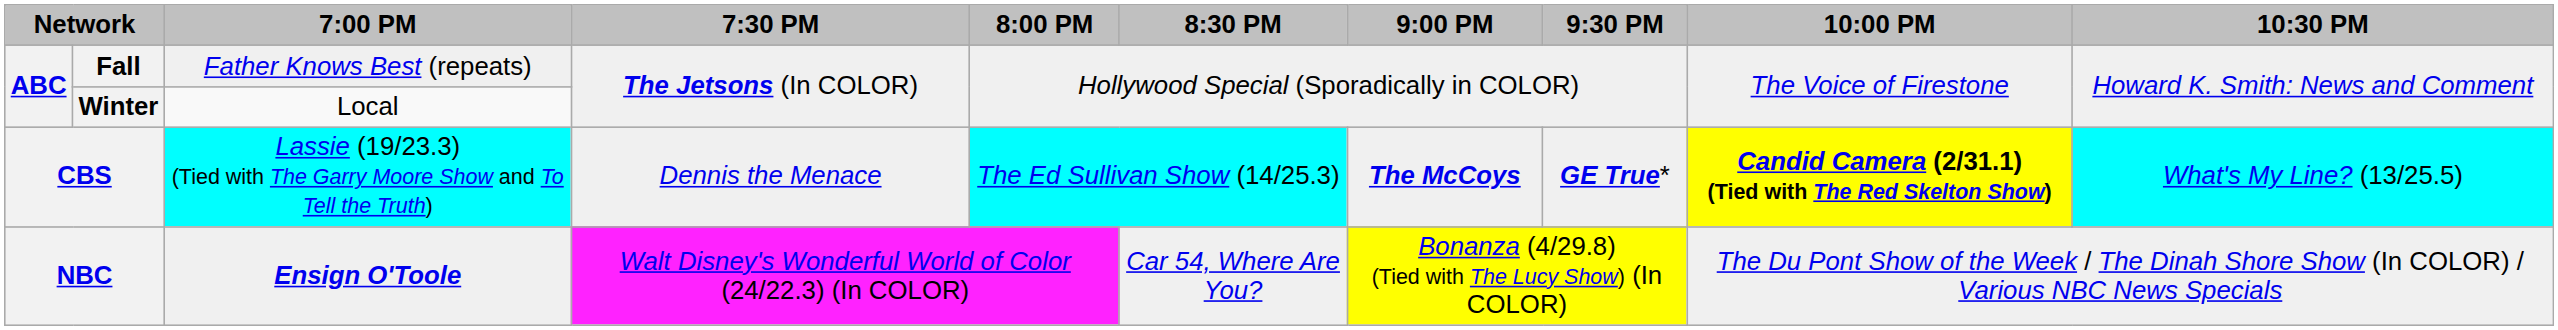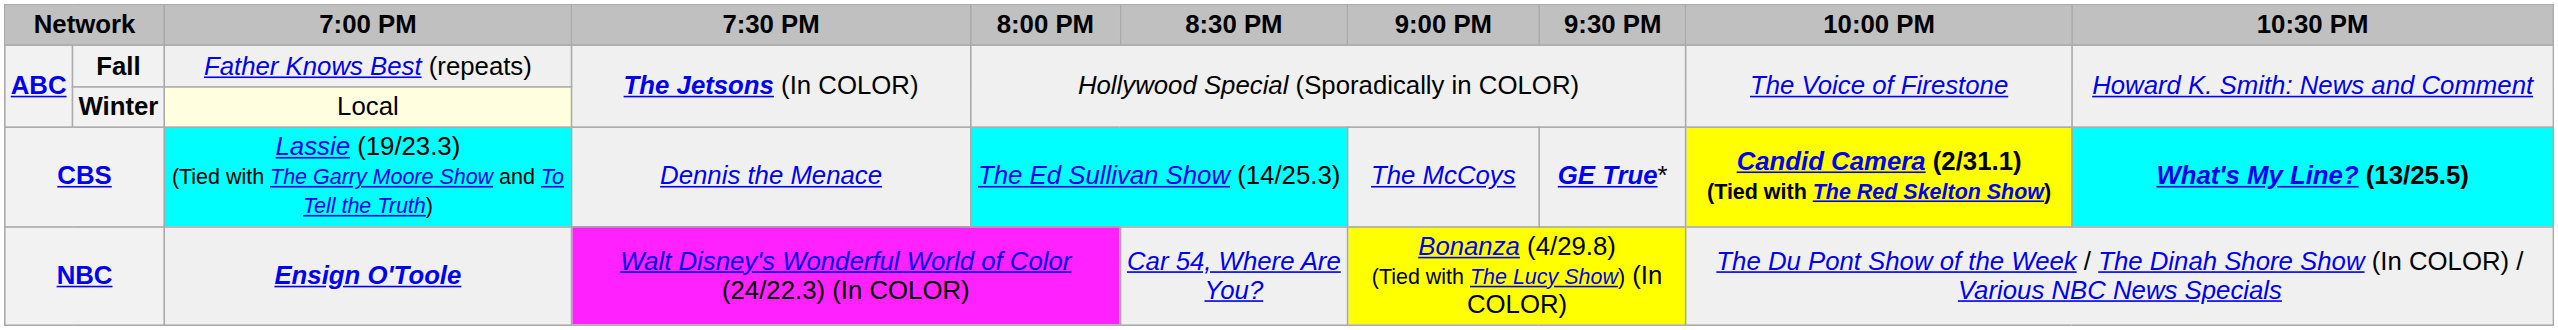 <table class="wikitable" style="width:100%;margin-right:0;text-align:center">
 <tr>
 <th colspan="2" style="background-color:#C0C0C0;text-align:center">Network</th>
 <th style="background-color:#C0C0C0;text-align:center">7:00 PM</th>
 <th style="background-color:#C0C0C0;text-align:center">7:30 PM</th>
 <th style="background-color:#C0C0C0;text-align:center">8:00 PM</th>
 <th style="background-color:#C0C0C0;text-align:center">8:30 PM</th>
 <th style="background-color:#C0C0C0;text-align:center">9:00 PM</th>
 <th style="background-color:#C0C0C0;text-align:center">9:30 PM</th>
 <th style="background-color:#C0C0C0;text-align:center">10:00 PM</th>
 <th style="background-color:#C0C0C0;text-align:center">10:30 PM</th>
 </tr>
 <tr>
 <th rowspan="2" bgcolor="#C0C0C0"><a href='#'>ABC</a></th>
 <th>Fall</th>
 <td bgcolor="#F0F0F0"><em><a href='#'>Father Knows Best</a></em> (repeats)</td>
 <td bgcolor="#F0F0F0" rowspan="2"><strong><em><a href='#'>The Jetsons</a></em></strong> (In <span>C</span><span>O</span><span>L</span><span>O</span><span>R</span>)</td>
 <td bgcolor="#F0F0F0" colspan="4" rowspan="2"><em>Hollywood Special</em> (Sporadically in <span>C</span><span>O</span><span>L</span><span>O</span><span>R</span>)</td>
 <td bgcolor="#F0F0F0" rowspan="2"><em><a href='#'>The Voice of Firestone</a></em></td>
 <td bgcolor="#F0F0F0" rowspan="2"><em><a href='#'>Howard K. Smith: News and Comment</a></em></td>
 </tr>
 <tr>
 <th>Winter</th>
-<td>Local</td>
+<td style="background: lightyellow;">Local</td>
 </tr>
 <tr>
 <th colspan="2" bgcolor="#C0C0C0"><a href='#'>CBS</a></th>
 <td bgcolor="#00FFFF"><em><a href='#'>Lassie</a></em> (19/23.3)<br><small>(Tied with <em><a href='#'>The Garry Moore Show</a></em> and <em><a href='#'>To Tell the Truth</a></em>)</small></td>
 <td bgcolor="#F0F0F0"><em><a href='#'>Dennis the Menace</a></em></td>
 <td bgcolor="#00FFFF" colspan="2"><em><a href='#'>The Ed Sullivan Show</a></em> (14/25.3)</td>
-<td bgcolor="#F0F0F0"><strong><em><a href='#'>The McCoys</a></em></strong></td>
+<td bgcolor="#F0F0F0"><em><a href='#'>The McCoys</a></em></td>
 <td bgcolor="#F0F0F0"><strong><em><a href='#'>GE True</a></em></strong>*</td>
 <td bgcolor="#FFFF00"><strong><em><a href='#'>Candid Camera</a></em> (2/31.1)<br><small>(Tied with <em><a href='#'>The Red Skelton Show</a></em>)</small></strong></td>
-<td bgcolor="#00FFFF"><em><a href='#'>What's My Line?</a></em> (13/25.5)</td>
+<td bgcolor="#00FFFF"><strong><em><a href='#'>What's My Line?</a></em> (13/25.5)</strong></td>
 </tr>
 <tr>
 <th colspan="2" bgcolor="#C0C0C0"><a href='#'>NBC</a></th>
 <td bgcolor="#F0F0F0"><strong><em><a href='#'>Ensign O'Toole</a></em></strong></td>
 <td bgcolor="#FF22FF" colspan="2"><em><a href='#'>Walt Disney's Wonderful World of Color</a></em> (24/22.3) (In <span>C</span><span>O</span><span>L</span><span>O</span><span>R</span>)</td>
 <td bgcolor="#F0F0F0"><em><a href='#'>Car 54, Where Are You?</a></em></td>
 <td bgcolor="#FFFF00" colspan="2"><em><a href='#'>Bonanza</a></em> (4/29.8)<br><small>(Tied with <em><a href='#'>The Lucy Show</a></em>)</small> (In <span>C</span><span>O</span><span>L</span><span>O</span><span>R</span>)</td>
 <td bgcolor="#F0F0F0" colspan="2"><em><a href='#'>The Du Pont Show of the Week</a></em> / <em><a href='#'>The Dinah Shore Show</a></em> (In <span>C</span><span>O</span><span>L</span><span>O</span><span>R</span>) / <em><a href='#'>Various NBC News Specials</a></em></td>
 </tr>
 </table>
